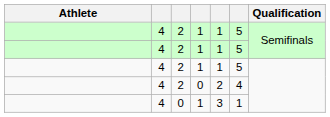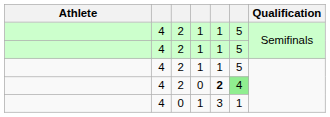 <table class="wikitable sortable" style="text-align:center">
 <tr>
 <th width=200>Athlete</th>
 <th width=20></th>
 <th width=20></th>
 <th width=20></th>
 <th width=20></th>
 <th width=20></th>
 <th width=100>Qualification</th>
 </tr>
 <tr bgcolor="#ccffcc">
 <td style="text-align:left;"></td>
 <td>4</td>
 <td>2</td>
 <td>1</td>
 <td>1</td>
 <td>5</td>
 <td rowspan=2>Semifinals</td>
 </tr>
 <tr bgcolor="#ccffcc">
 <td style="text-align:left;"></td>
 <td>4</td>
 <td>2</td>
 <td>1</td>
 <td>1</td>
 <td>5</td>
 </tr>
 <tr>
 <td style="text-align:left;"></td>
 <td>4</td>
 <td>2</td>
 <td>1</td>
 <td>1</td>
 <td>5</td>
 <td rowspan=3></td>
 </tr>
 <tr>
 <td style="text-align:left;"></td>
 <td>4</td>
 <td>2</td>
 <td>0</td>
-<td>2</td>
-<td>4</td>
+<td><strong>2</strong></td>
+<td style="background: lightgreen;">4</td>
 </tr>
 <tr>
 <td style="text-align:left;"></td>
 <td>4</td>
 <td>0</td>
 <td>1</td>
 <td>3</td>
 <td>1</td>
 </tr>
 </table>
